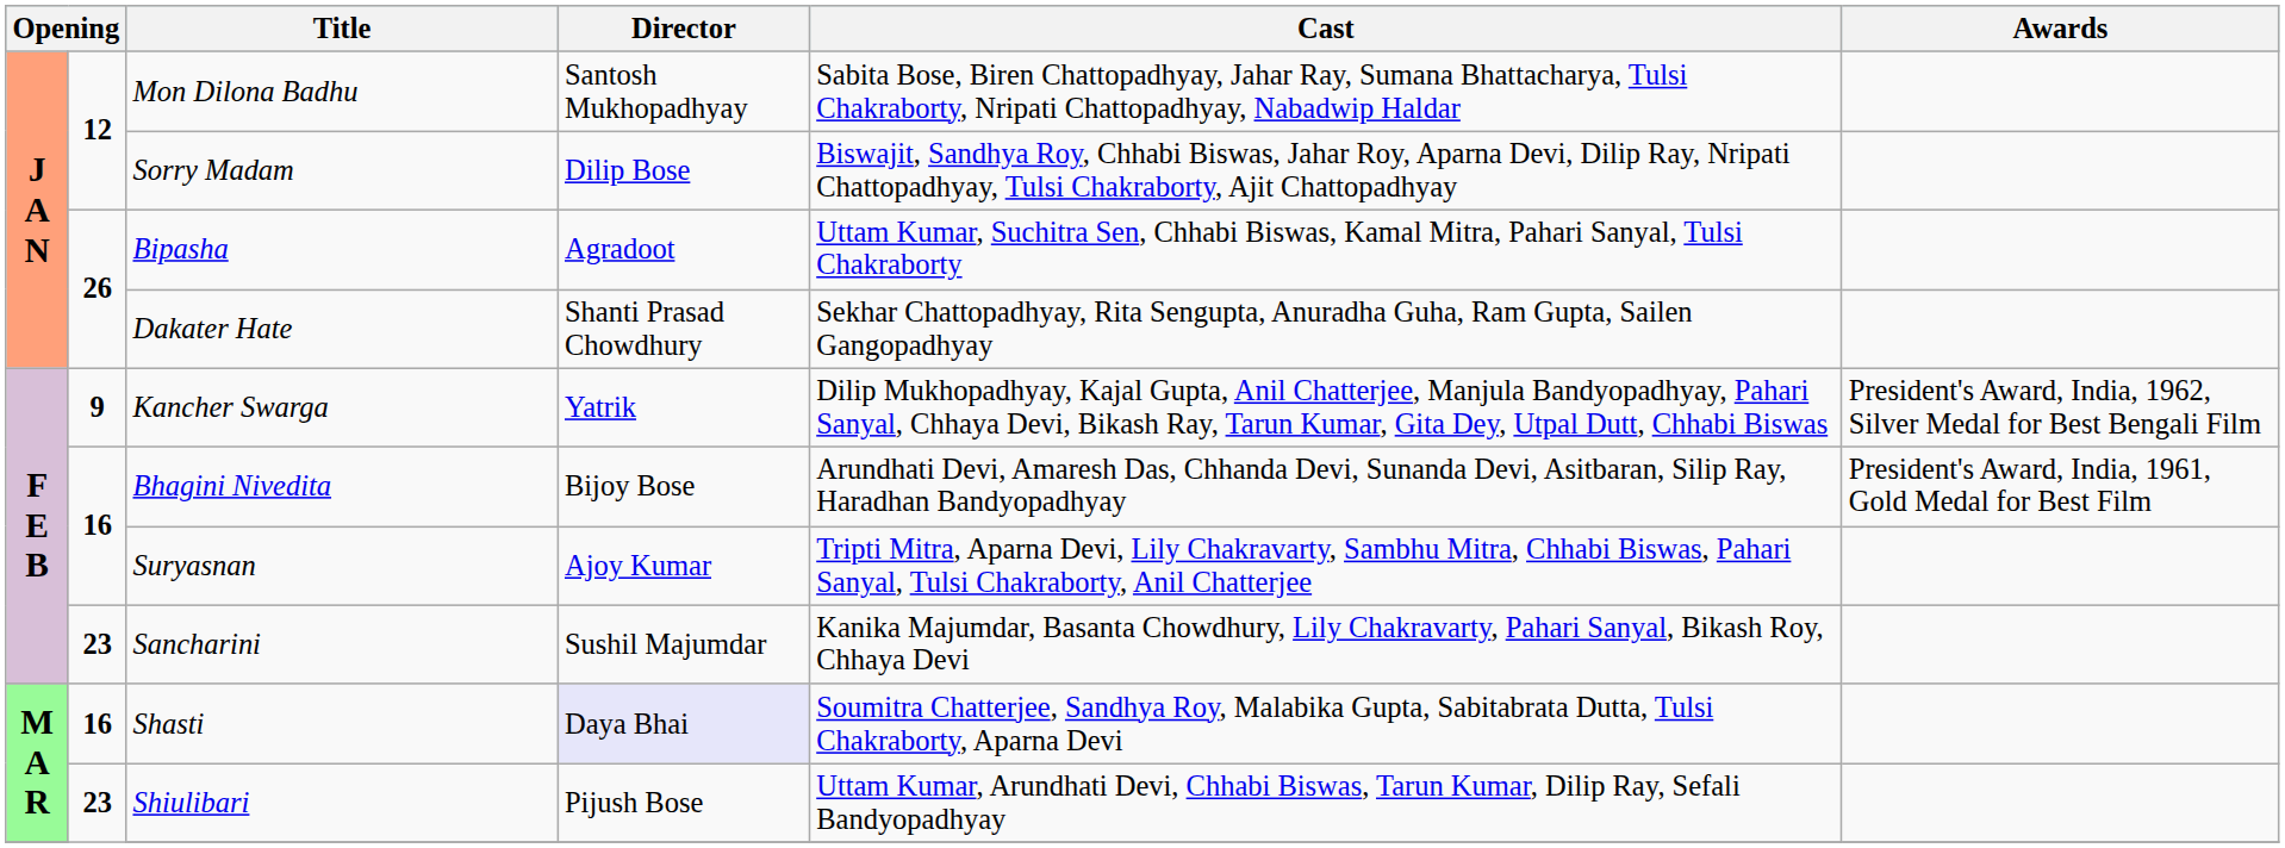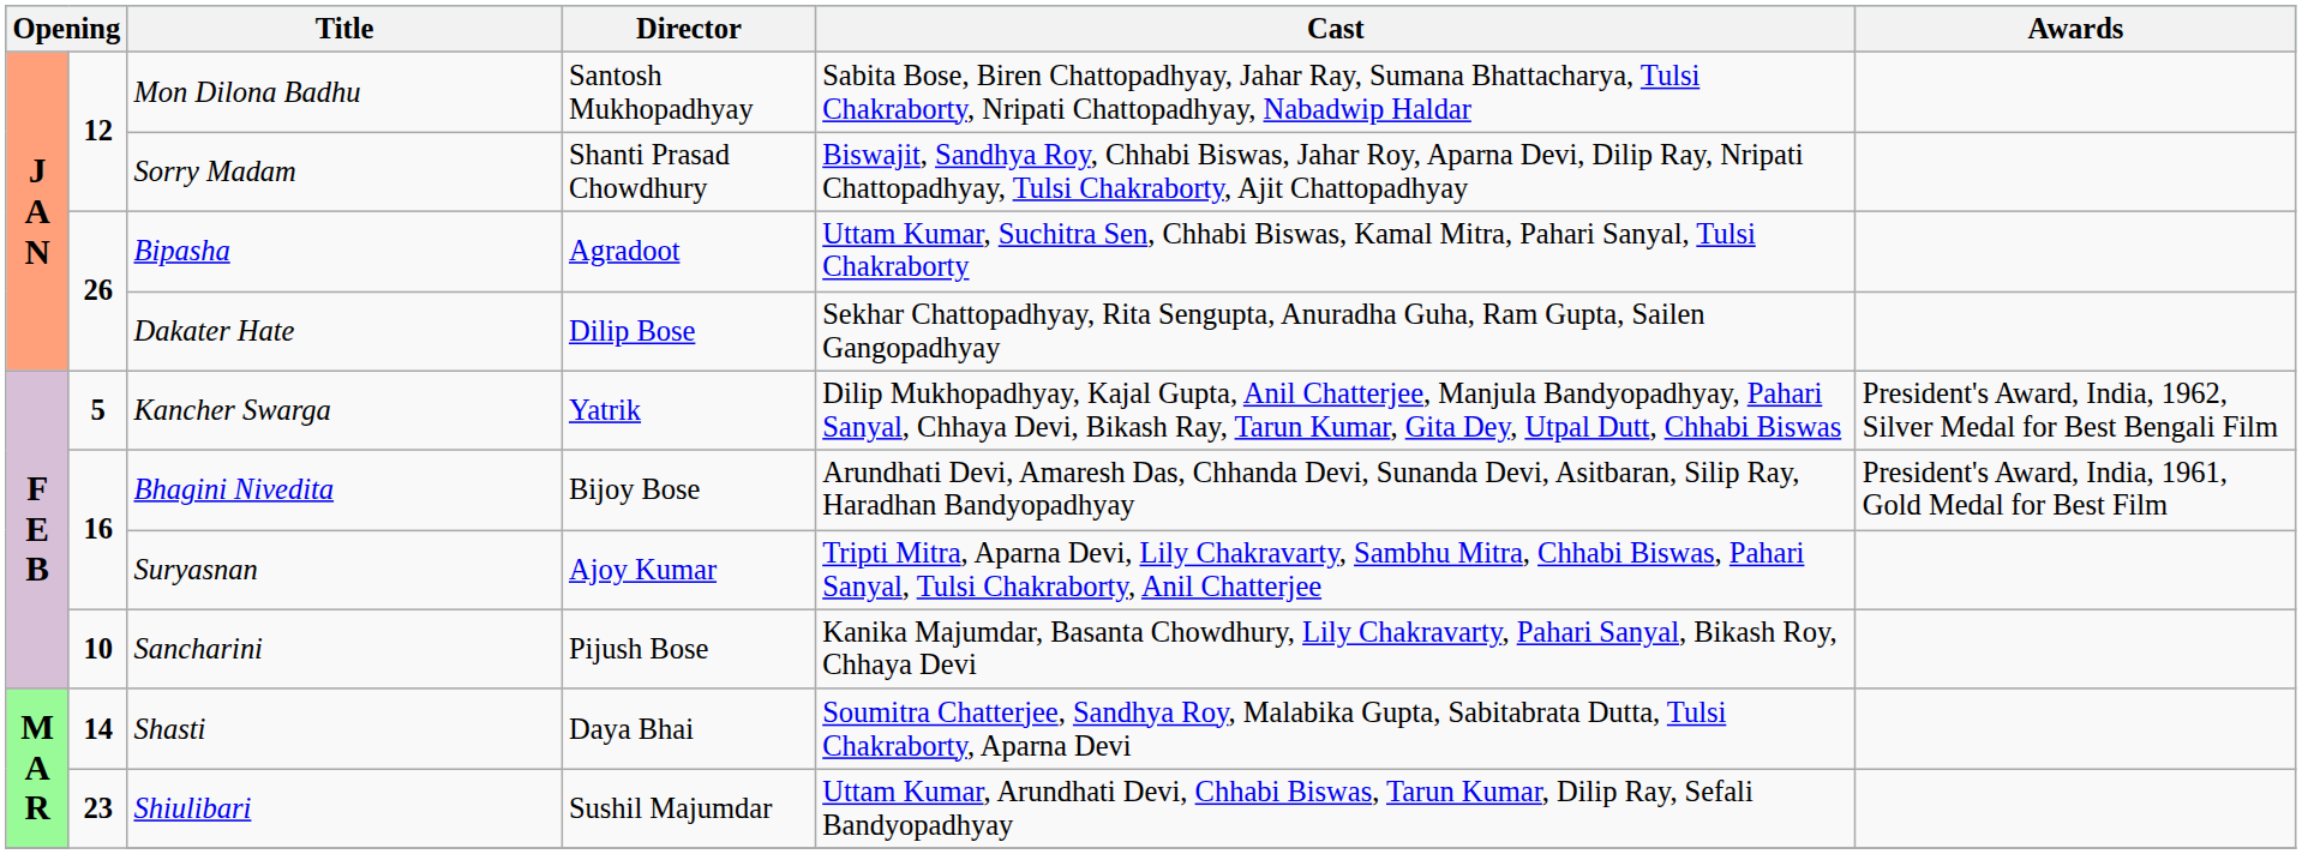 <table class="wikitable">
 <tr style="background:#b0e0e6; text-align:center;">
 <th colspan="2">Opening</th>
 <th style="width:19%;">Title</th>
 <th>Director</th>
 <th>Cast</th>
 <th>Awards</th>
 </tr>
 <tr>
 <td rowspan="4"   style="text-align:center; background:#ffa07a; textcolor:#000;"><big> <strong>J<br>A<br>N</strong></big></td>
 <td rowspan="2" style="text-align:center;"><strong>12</strong></td>
 <td><em>Mon Dilona Badhu</em></td>
 <td>Santosh Mukhopadhyay</td>
 <td>Sabita Bose, Biren Chattopadhyay, Jahar Ray, Sumana Bhattacharya, <a href='#'>Tulsi Chakraborty</a>, Nripati Chattopadhyay, <a href='#'>Nabadwip Haldar</a></td>
 <td></td>
 </tr>
 <tr>
 <td><em>Sorry Madam</em></td>
-<td><a href='#'>Dilip Bose</a></td>
+<td>Shanti Prasad Chowdhury</td>
 <td><a href='#'>Biswajit</a>, <a href='#'>Sandhya Roy</a>, Chhabi Biswas, Jahar Roy, Aparna Devi, Dilip Ray, Nripati Chattopadhyay, <a href='#'>Tulsi Chakraborty</a>, Ajit Chattopadhyay</td>
 <td></td>
 </tr>
 <tr>
 <td rowspan="2" style="text-align:center;"><strong>26</strong></td>
 <td><em><a href='#'>Bipasha</a></em></td>
 <td><a href='#'>Agradoot</a></td>
 <td><a href='#'>Uttam Kumar</a>, <a href='#'>Suchitra Sen</a>, Chhabi Biswas, Kamal Mitra, Pahari Sanyal, <a href='#'>Tulsi Chakraborty</a></td>
 <td></td>
 </tr>
 <tr>
 <td><em>Dakater Hate</em></td>
-<td>Shanti Prasad Chowdhury</td>
+<td><a href='#'>Dilip Bose</a></td>
 <td>Sekhar Chattopadhyay, Rita Sengupta, Anuradha Guha, Ram Gupta, Sailen Gangopadhyay</td>
 <td></td>
 </tr>
 <tr>
 <td rowspan="4" style="text-align:center; background:thistle; textcolor:#000;"><big> <strong>F<br>E<br>B</strong></big></td>
-<td rowspan="1" style="text-align:center;"><strong>9</strong></td>
+<td rowspan="1" style="text-align:center;"><strong>5</strong></td>
 <td><em>Kancher Swarga</em></td>
 <td><a href='#'>Yatrik</a></td>
 <td>Dilip Mukhopadhyay, Kajal Gupta, <a href='#'>Anil Chatterjee</a>, Manjula Bandyopadhyay, <a href='#'>Pahari Sanyal</a>, Chhaya Devi, Bikash Ray, <a href='#'>Tarun Kumar</a>, <a href='#'>Gita Dey</a>, <a href='#'>Utpal Dutt</a>, <a href='#'>Chhabi Biswas</a></td>
 <td>President's Award, India, 1962, Silver Medal for Best Bengali Film</td>
 </tr>
 <tr>
 <td rowspan="2" style="text-align:center;"><strong>16</strong></td>
 <td><em><a href='#'>Bhagini Nivedita</a></em></td>
 <td>Bijoy Bose</td>
 <td>Arundhati Devi, Amaresh Das, Chhanda Devi, Sunanda Devi, Asitbaran, Silip Ray, Haradhan Bandyopadhyay</td>
 <td>President's Award, India, 1961, Gold Medal for Best Film</td>
 </tr>
 <tr>
 <td><em>Suryasnan</em></td>
 <td><a href='#'>Ajoy Kumar</a></td>
 <td><a href='#'>Tripti Mitra</a>, Aparna Devi, <a href='#'>Lily Chakravarty</a>, <a href='#'>Sambhu Mitra</a>, <a href='#'>Chhabi Biswas</a>, <a href='#'>Pahari Sanyal</a>, <a href='#'>Tulsi Chakraborty</a>, <a href='#'>Anil Chatterjee</a></td>
 <td></td>
 </tr>
 <tr>
-<td rowspan="1" style="text-align:center;"><strong>23</strong></td>
+<td rowspan="1" style="text-align:center;"><strong>10</strong></td>
 <td><em>Sancharini</em></td>
-<td>Sushil Majumdar</td>
+<td>Pijush Bose</td>
 <td>Kanika Majumdar, Basanta Chowdhury, <a href='#'>Lily Chakravarty</a>, <a href='#'>Pahari Sanyal</a>, Bikash Roy, Chhaya Devi</td>
 <td></td>
 </tr>
 <tr>
 <td rowspan="2"   style="text-align:center; background:#98fb98; textcolor:#000;"><big><strong>M<br>A<br>R</strong></big></td>
-<td rowspan="1" style="text-align:center;"><strong>16</strong></td>
+<td rowspan="1" style="text-align:center;"><strong>14</strong></td>
 <td><em>Shasti</em></td>
-<td style="background: lavender;">Daya Bhai</td>
+<td>Daya Bhai</td>
 <td><a href='#'>Soumitra Chatterjee</a>, <a href='#'>Sandhya Roy</a>, Malabika Gupta, Sabitabrata Dutta, <a href='#'>Tulsi Chakraborty</a>, Aparna Devi</td>
 <td></td>
 </tr>
 <tr>
 <td rowspan="2" style="text-align:center;"><strong>23</strong></td>
 <td><em><a href='#'>Shiulibari</a></em></td>
-<td>Pijush Bose</td>
+<td>Sushil Majumdar</td>
 <td><a href='#'>Uttam Kumar</a>, Arundhati Devi, <a href='#'>Chhabi Biswas</a>, <a href='#'>Tarun Kumar</a>, Dilip Ray, Sefali Bandyopadhyay</td>
 <td></td>
 </tr>
 <tr>
 </tr>
 </table>
